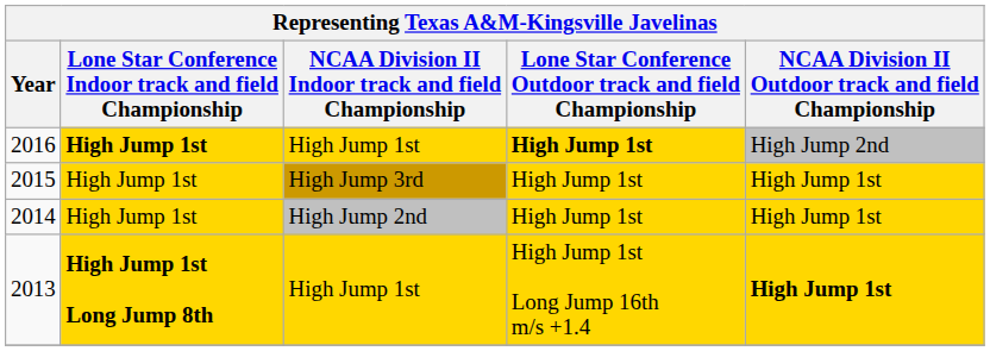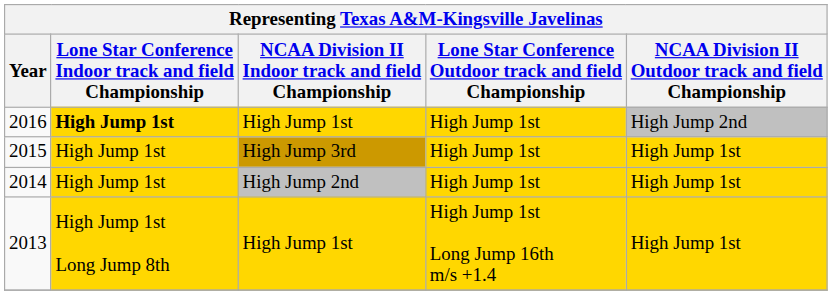 <table class="wikitable sortable">
 <tr>
 <th colspan="7">Representing <a href='#'>Texas A&M-Kingsville Javelinas</a></th>
 </tr>
 <tr>
 <th>Year</th>
 <th><a href='#'>Lone Star Conference</a><br><a href='#'>Indoor track and field</a><br>Championship</th>
 <th><a href='#'>NCAA Division II</a><br><a href='#'>Indoor track and field</a><br>Championship</th>
 <th><a href='#'>Lone Star Conference</a><br><a href='#'>Outdoor track and field</a><br>Championship</th>
 <th><a href='#'>NCAA Division II</a><br><a href='#'>Outdoor track and field</a><br>Championship</th>
 </tr>
 <tr>
 <td>2016</td>
 <td bgcolor=gold><strong>High Jump 1st<br></strong></td>
 <td bgcolor=gold>High Jump 1st<br></td>
-<td bgcolor=gold><strong>High Jump 1st<br></strong></td>
+<td bgcolor=gold>High Jump 1st<br></td>
 <td bgcolor=silver>High Jump 2nd<br></td>
 </tr>
 <tr>
 <td>2015</td>
 <td bgcolor=gold>High Jump 1st<br></td>
 <td bgcolor=cc9900>High Jump 3rd<br></td>
 <td bgcolor=gold>High Jump 1st<br></td>
 <td bgcolor=gold>High Jump 1st<br></td>
 </tr>
 <tr>
 <td>2014</td>
 <td bgcolor=gold>High Jump 1st<br></td>
 <td bgcolor=silver>High Jump 2nd<br></td>
 <td bgcolor=gold>High Jump 1st<br></td>
 <td bgcolor=gold>High Jump 1st<br></td>
 </tr>
 <tr>
 <td>2013</td>
-<td bgcolor=gold><strong>High Jump 1st<br><br>Long Jump 8th<br></strong></td>
+<td bgcolor=gold>High Jump 1st<br><br>Long Jump 8th<br></td>
 <td bgcolor=gold>High Jump 1st<br></td>
 <td bgcolor=gold>High Jump 1st<br><br>Long Jump 16th<br>m/s +1.4</td>
-<td bgcolor=gold><strong>High Jump 1st<br></strong></td>
+<td bgcolor=gold>High Jump 1st<br></td>
 </tr>
 <tr>
 </tr>
 </table>
